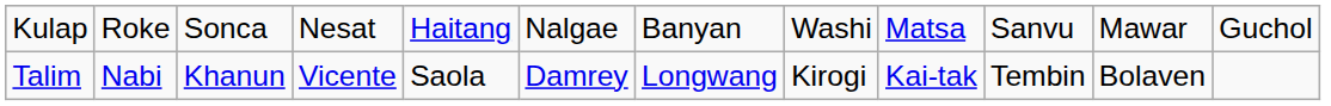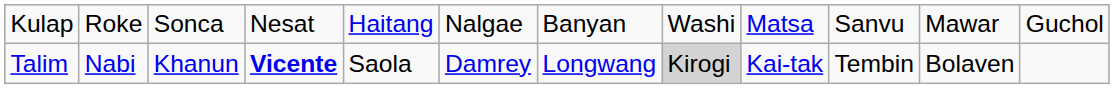 <table class="wikitable">
 <tr>
 <td>Kulap</td>
 <td>Roke</td>
 <td>Sonca</td>
 <td>Nesat</td>
 <td><a href='#'>Haitang</a></td>
 <td>Nalgae</td>
 <td>Banyan</td>
 <td>Washi</td>
 <td><a href='#'>Matsa</a></td>
 <td>Sanvu</td>
 <td>Mawar</td>
 <td>Guchol</td>
 </tr>
 <tr>
 <td><a href='#'>Talim</a></td>
 <td><a href='#'>Nabi</a></td>
 <td><a href='#'>Khanun</a></td>
-<td><a href='#'>Vicente</a></td>
+<td><strong><a href='#'>Vicente</a></strong></td>
 <td>Saola</td>
 <td><a href='#'>Damrey</a></td>
 <td><a href='#'>Longwang</a></td>
-<td>Kirogi</td>
+<td style="background: lightgrey;">Kirogi</td>
 <td><a href='#'>Kai-tak</a></td>
 <td>Tembin</td>
 <td>Bolaven</td>
 </tr>
 </table>
